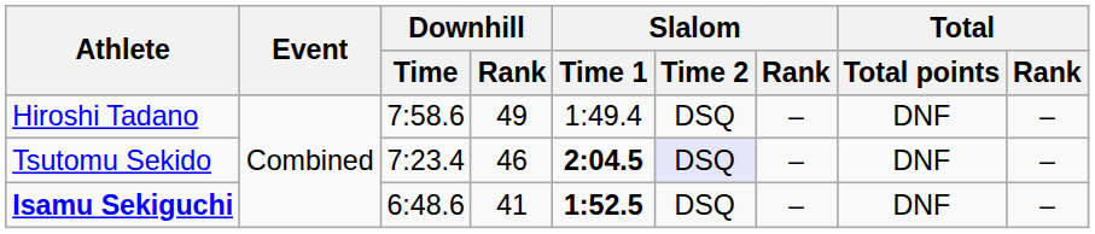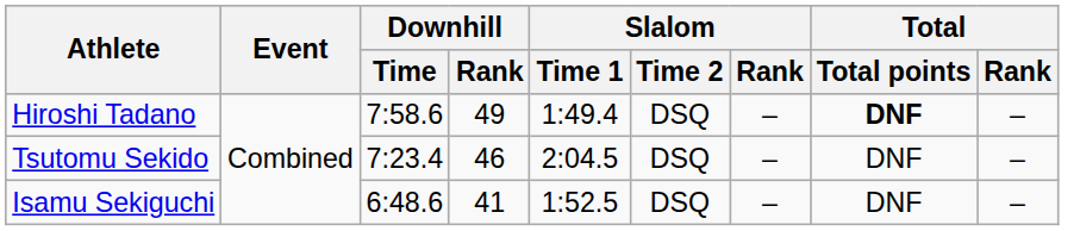 <table class="wikitable" style="font-size:90%">
 <tr>
 <th rowspan="2">Athlete</th>
 <th rowspan="2">Event</th>
 <th colspan="2">Downhill</th>
 <th colspan="3">Slalom</th>
 <th colspan="2">Total</th>
 </tr>
 <tr>
 <th>Time</th>
 <th>Rank</th>
 <th>Time 1</th>
 <th>Time 2</th>
 <th>Rank</th>
 <th>Total points</th>
 <th>Rank</th>
 </tr>
 <tr>
 <td><a href='#'>Hiroshi Tadano</a></td>
 <td rowspan="3">Combined</td>
 <td align="center">7:58.6</td>
 <td align="center">49</td>
 <td align="center">1:49.4</td>
 <td align="center">DSQ</td>
 <td align="center">–</td>
-<td align="center">DNF</td>
+<td align="center"><strong>DNF</strong></td>
 <td align="center">–</td>
 </tr>
 <tr>
 <td><a href='#'>Tsutomu Sekido</a></td>
 <td align="center">7:23.4</td>
 <td align="center">46</td>
-<td align="center"><strong>2:04.5</strong></td>
-<td align="center" style="background: lavender;">DSQ</td>
+<td align="center">2:04.5</td>
+<td align="center">DSQ</td>
 <td align="center">–</td>
 <td align="center">DNF</td>
 <td align="center">–</td>
 </tr>
 <tr>
-<td><strong><a href='#'>Isamu Sekiguchi</a></strong></td>
+<td><a href='#'>Isamu Sekiguchi</a></td>
 <td align="center">6:48.6</td>
 <td align="center">41</td>
-<td align="center"><strong>1:52.5</strong></td>
+<td align="center">1:52.5</td>
 <td align="center">DSQ</td>
 <td align="center">–</td>
 <td align="center">DNF</td>
 <td align="center">–</td>
 </tr>
 </table>
